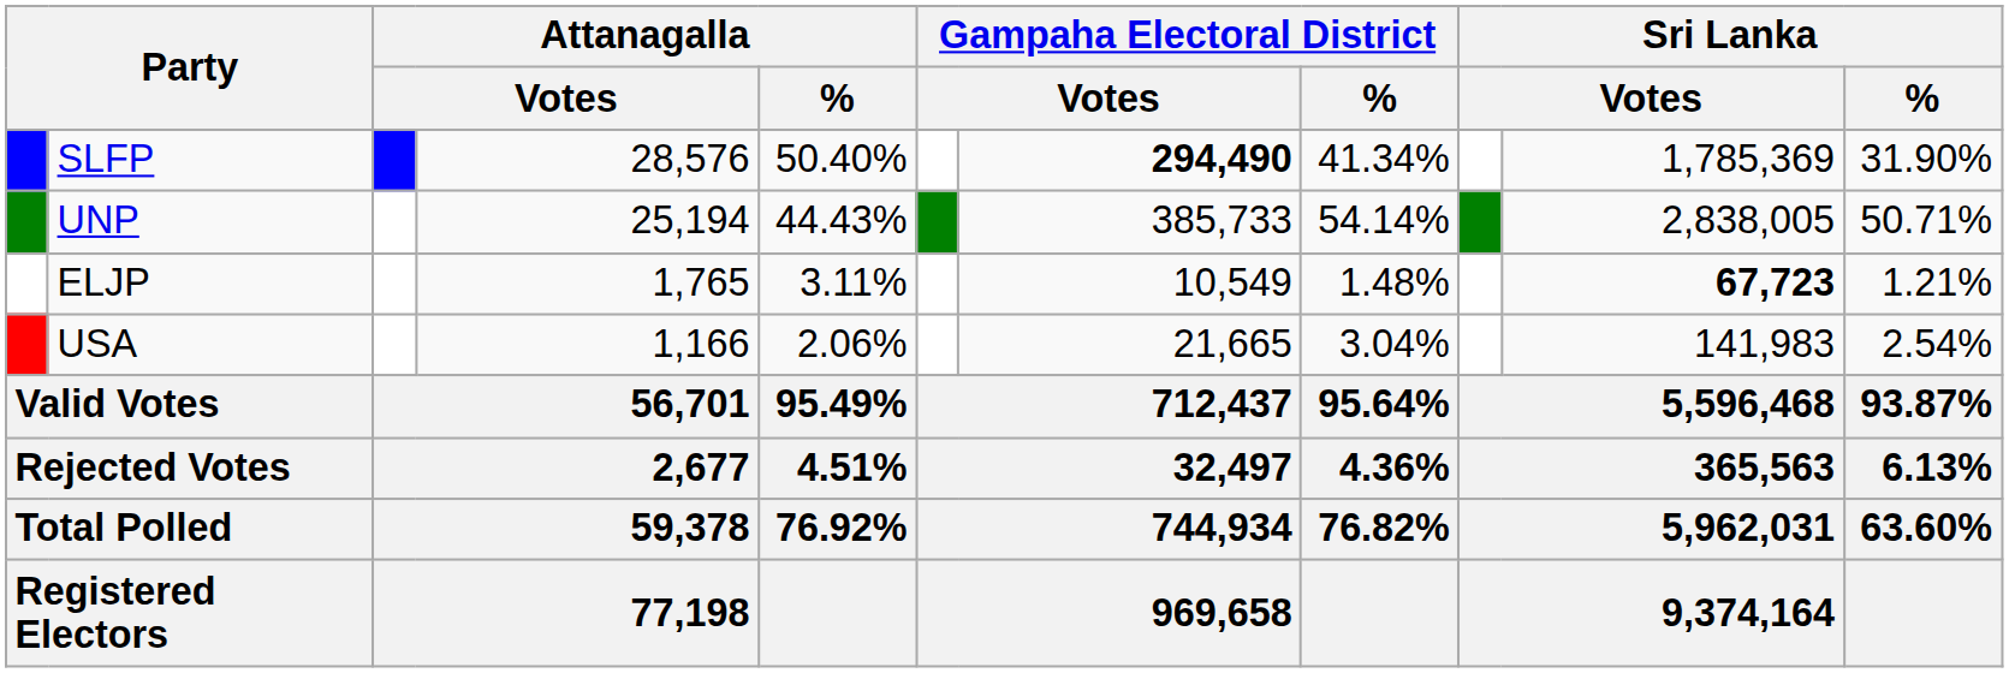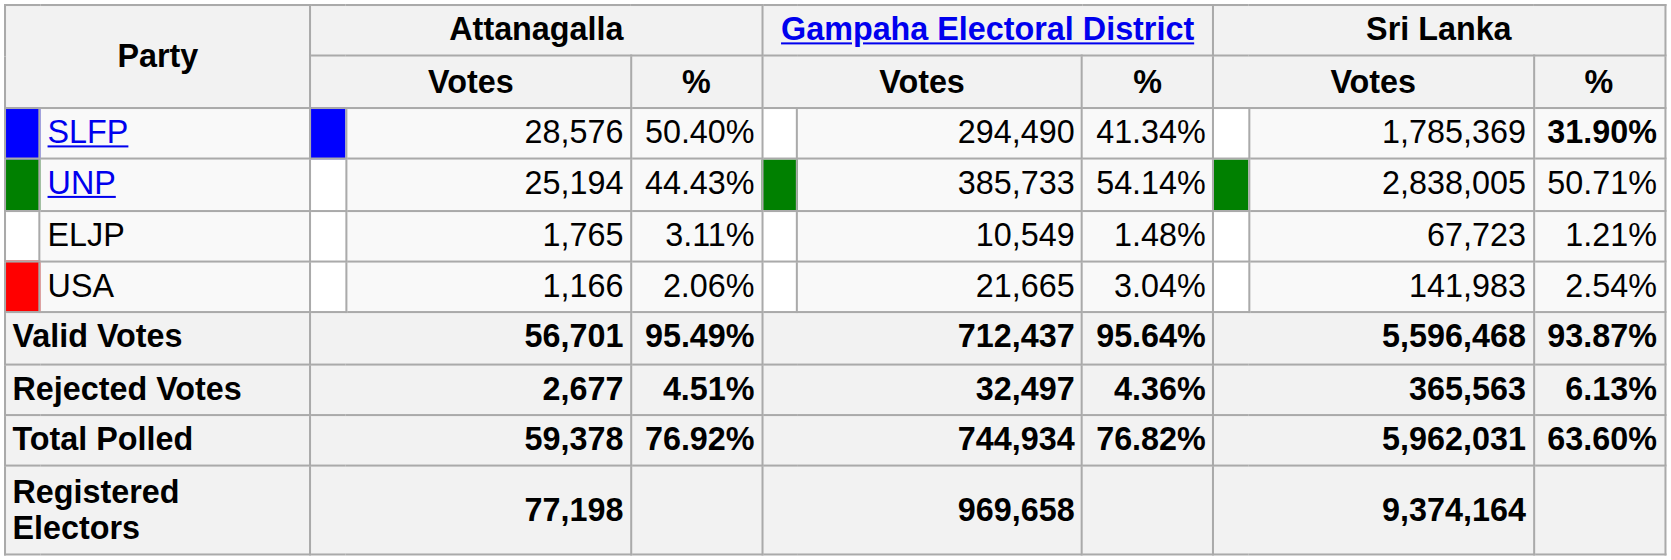 <table class="wikitable">
 <tr>
 <th colspan="2" width="144px"rowspan="2">Party</th>
 <th colspan="3" width="216px">Attanagalla</th>
 <th colspan="3" width="216px"><a href='#'>Gampaha Electoral District</a></th>
 <th colspan="3" width="216px">Sri Lanka</th>
 </tr>
 <tr>
 <th colspan="2" width="144px">Votes</th>
 <th>%</th>
 <th colspan="2" width="144px">Votes</th>
 <th>%</th>
 <th colspan="2" width="144px">Votes</th>
 <th>%</th>
 </tr>
 <tr>
 <td style="background-color:blue;" width="10px"></td>
 <td style="text-align:left;"><a href='#'>SLFP</a></td>
 <td style="background-color:blue;" width="10px"></td>
 <td style="text-align:right;">28,576</td>
 <td style="text-align:right;">50.40%</td>
 <td style="background-color:white;" width="10px"></td>
-<td style="text-align:right;"><strong>294,490</strong></td>
+<td style="text-align:right;">294,490</td>
 <td style="text-align:right;">41.34%</td>
 <td style="background-color:white;" width="10px"></td>
 <td style="text-align:right;">1,785,369</td>
-<td style="text-align:right;">31.90%</td>
+<td style="text-align:right;"><strong>31.90%</strong></td>
 </tr>
 <tr>
 <td style="background-color:green;" width="10px"></td>
 <td style="text-align:left;"><a href='#'>UNP</a></td>
 <td style="background-color:white;" width="10px"></td>
 <td style="text-align:right;">25,194</td>
 <td style="text-align:right;">44.43%</td>
 <td style="background-color:green;" width="10px"></td>
 <td style="text-align:right;">385,733</td>
 <td style="text-align:right;">54.14%</td>
 <td style="background-color:green;" width="10px"></td>
 <td style="text-align:right;">2,838,005</td>
 <td style="text-align:right;">50.71%</td>
 </tr>
 <tr>
 <td style="background-color:white;" width="10px"></td>
 <td style="text-align:left;">ELJP</td>
 <td style="background-color:white;" width="10px"></td>
 <td style="text-align:right;">1,765</td>
 <td style="text-align:right;">3.11%</td>
 <td style="background-color:white;" width="10px"></td>
 <td style="text-align:right;">10,549</td>
 <td style="text-align:right;">1.48%</td>
 <td style="background-color:white;" width="10px"></td>
-<td style="text-align:right;"><strong>67,723</strong></td>
+<td style="text-align:right;">67,723</td>
 <td style="text-align:right;">1.21%</td>
 </tr>
 <tr>
 <td style="background-color:red;" width="10px"></td>
 <td style="text-align:left;">USA</td>
 <td style="background-color:white;" width="10px"></td>
 <td style="text-align:right;">1,166</td>
 <td style="text-align:right;">2.06%</td>
 <td style="background-color:white;" width="10px"></td>
 <td style="text-align:right;">21,665</td>
 <td style="text-align:right;">3.04%</td>
 <td style="background-color:white;" width="10px"></td>
 <td style="text-align:right;">141,983</td>
 <td style="text-align:right;">2.54%</td>
 </tr>
 <tr>
 <th colspan="2" width="144px"style="text-align:left;">Valid Votes</th>
 <th style="text-align:right;"colspan="2" width="144px">56,701</th>
 <th style="text-align:right;">95.49%</th>
 <th style="text-align:right;"colspan="2" width="144px">712,437</th>
 <th style="text-align:right;">95.64%</th>
 <th style="text-align:right;"colspan="2" width="144px">5,596,468</th>
 <th style="text-align:right;">93.87%</th>
 </tr>
 <tr>
 <th colspan="2" width="144px"style="text-align:left;">Rejected Votes</th>
 <th style="text-align:right;"colspan="2" width="144px">2,677</th>
 <th style="text-align:right;">4.51%</th>
 <th style="text-align:right;"colspan="2" width="144px">32,497</th>
 <th style="text-align:right;">4.36%</th>
 <th style="text-align:right;"colspan="2" width="144px">365,563</th>
 <th style="text-align:right;">6.13%</th>
 </tr>
 <tr>
 <th colspan="2" width="144px"style="text-align:left;">Total Polled</th>
 <th style="text-align:right;"colspan="2" width="144px">59,378</th>
 <th style="text-align:right;">76.92%</th>
 <th style="text-align:right;"colspan="2" width="144px">744,934</th>
 <th style="text-align:right;">76.82%</th>
 <th style="text-align:right;"colspan="2" width="144px">5,962,031</th>
 <th style="text-align:right;">63.60%</th>
 </tr>
 <tr>
 <th colspan="2" width="144px"style="text-align:left;">Registered Electors</th>
 <th style="text-align:right;"colspan="2" width="144px">77,198</th>
 <th></th>
 <th style="text-align:right;"colspan="2" width="144px">969,658</th>
 <th></th>
 <th style="text-align:right;"colspan="2" width="144px">9,374,164</th>
 <th></th>
 </tr>
 </table>
